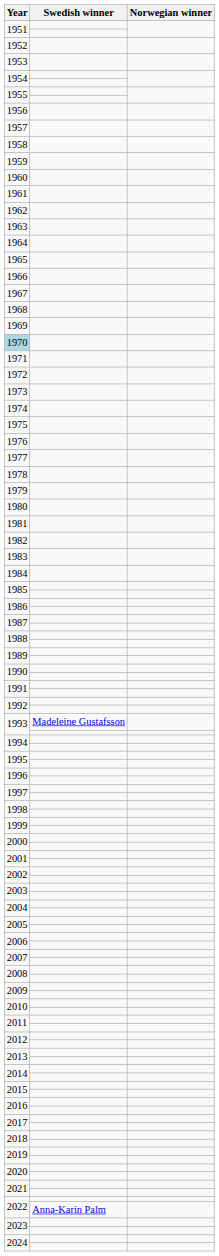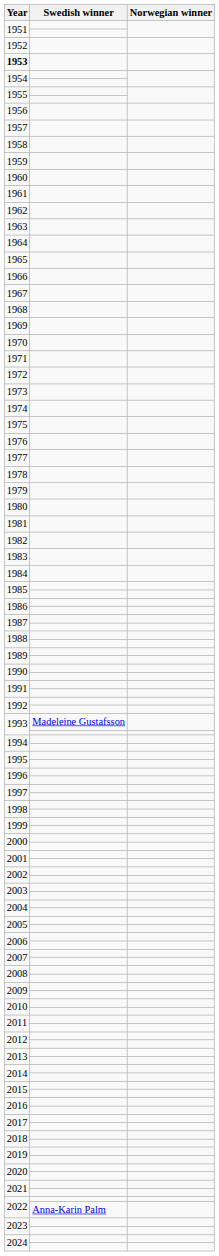 <table class="wikitable sortable">
 <tr>
 <th align="right">Year</th>
 <th align="left">Swedish winner</th>
 <th align="left">Norwegian winner</th>
 </tr>
 <tr>
 <td rowspan=2>1951</td>
 <td></td>
 <td rowspan=2></td>
 </tr>
 <tr>
 <td></td>
 </tr>
 <tr>
 <td>1952</td>
 <td></td>
 <td></td>
 </tr>
 <tr>
-<td>1953</td>
+<td><strong>1953</strong></td>
 <td></td>
 <td></td>
 </tr>
 <tr>
 <td rowspan=2>1954</td>
 <td></td>
 <td rowspan=2></td>
 </tr>
 <tr>
 <td></td>
 </tr>
 <tr>
 <td rowspan=2>1955</td>
 <td></td>
 <td rowspan=2></td>
 </tr>
 <tr>
 <td></td>
 </tr>
 <tr>
 <td>1956</td>
 <td></td>
 <td></td>
 </tr>
 <tr>
 <td>1957</td>
 <td></td>
 <td></td>
 </tr>
 <tr>
 <td>1958</td>
 <td></td>
 <td></td>
 </tr>
 <tr>
 <td>1959</td>
 <td></td>
 <td></td>
 </tr>
 <tr>
 <td>1960</td>
 <td></td>
 <td></td>
 </tr>
 <tr>
 <td>1961</td>
 <td></td>
 <td></td>
 </tr>
 <tr>
 <td>1962</td>
 <td></td>
 <td></td>
 </tr>
 <tr>
 <td>1963</td>
 <td></td>
 <td></td>
 </tr>
 <tr>
 <td>1964</td>
 <td></td>
 <td></td>
 </tr>
 <tr>
 <td>1965</td>
 <td></td>
 <td></td>
 </tr>
 <tr>
 <td>1966</td>
 <td></td>
 <td></td>
 </tr>
 <tr>
 <td>1967</td>
 <td></td>
 <td></td>
 </tr>
 <tr>
 <td>1968</td>
 <td></td>
 <td></td>
 </tr>
 <tr>
 <td>1969</td>
 <td></td>
 <td></td>
 </tr>
 <tr>
-<td style="background: lightblue;">1970</td>
+<td>1970</td>
 <td></td>
 <td></td>
 </tr>
 <tr>
 <td>1971</td>
 <td></td>
 <td></td>
 </tr>
 <tr>
 <td>1972</td>
 <td></td>
 <td></td>
 </tr>
 <tr>
 <td>1973</td>
 <td></td>
 <td></td>
 </tr>
 <tr>
 <td>1974</td>
 <td></td>
 <td></td>
 </tr>
 <tr>
 <td>1975</td>
 <td></td>
 <td></td>
 </tr>
 <tr>
 <td>1976</td>
 <td></td>
 <td></td>
 </tr>
 <tr>
 <td>1977</td>
 <td></td>
 <td></td>
 </tr>
 <tr>
 <td>1978</td>
 <td></td>
 <td></td>
 </tr>
 <tr>
 <td>1979</td>
 <td></td>
 <td></td>
 </tr>
 <tr>
 <td>1980</td>
 <td></td>
 <td></td>
 </tr>
 <tr>
 <td>1981</td>
 <td></td>
 <td></td>
 </tr>
 <tr>
 <td>1982</td>
 <td></td>
 <td></td>
 </tr>
 <tr>
 <td>1983</td>
 <td></td>
 <td></td>
 </tr>
 <tr>
 <td>1984</td>
 <td></td>
 <td></td>
 </tr>
 <tr>
 <td rowspan=2>1985</td>
 <td></td>
 <td></td>
 </tr>
 <tr>
 <td></td>
 <td></td>
 </tr>
 <tr>
 <td rowspan=2>1986</td>
 <td></td>
 <td></td>
 </tr>
 <tr>
 <td></td>
 <td></td>
 </tr>
 <tr>
 <td rowspan=2>1987</td>
 <td></td>
 <td></td>
 </tr>
 <tr>
 <td></td>
 <td></td>
 </tr>
 <tr>
 <td rowspan=2>1988</td>
 <td></td>
 <td></td>
 </tr>
 <tr>
 <td></td>
 <td></td>
 </tr>
 <tr>
 <td rowspan=2>1989</td>
 <td></td>
 <td></td>
 </tr>
 <tr>
 <td></td>
 <td></td>
 </tr>
 <tr>
 <td rowspan=2>1990</td>
 <td></td>
 <td></td>
 </tr>
 <tr>
 <td></td>
 <td></td>
 </tr>
 <tr>
 <td rowspan=2>1991</td>
 <td></td>
 <td></td>
 </tr>
 <tr>
 <td></td>
 <td></td>
 </tr>
 <tr>
 <td rowspan=2>1992</td>
 <td></td>
 <td></td>
 </tr>
 <tr>
 <td></td>
 <td></td>
 </tr>
 <tr>
 <td rowspan=2>1993</td>
 <td><a href='#'>Madeleine Gustafsson</a></td>
 <td></td>
 </tr>
 <tr>
 <td></td>
 <td></td>
 </tr>
 <tr>
 <td rowspan=2>1994</td>
 <td></td>
 <td></td>
 </tr>
 <tr>
 <td></td>
 <td></td>
 </tr>
 <tr>
 <td rowspan=2>1995</td>
 <td></td>
 <td></td>
 </tr>
 <tr>
 <td></td>
 <td></td>
 </tr>
 <tr>
 <td rowspan=2>1996</td>
 <td></td>
 <td></td>
 </tr>
 <tr>
 <td></td>
 <td></td>
 </tr>
 <tr>
 <td rowspan=2>1997</td>
 <td></td>
 <td></td>
 </tr>
 <tr>
 <td></td>
 <td></td>
 </tr>
 <tr>
 <td rowspan=2>1998</td>
 <td></td>
 <td></td>
 </tr>
 <tr>
 <td></td>
 <td></td>
 </tr>
 <tr>
 <td rowspan=2>1999</td>
 <td></td>
 <td></td>
 </tr>
 <tr>
 <td></td>
 <td></td>
 </tr>
 <tr>
 <td rowspan=2>2000</td>
 <td></td>
 <td></td>
 </tr>
 <tr>
 <td></td>
 <td></td>
 </tr>
 <tr>
 <td rowspan=2>2001</td>
 <td></td>
 <td></td>
 </tr>
 <tr>
 <td></td>
 <td></td>
 </tr>
 <tr>
 <td rowspan=2>2002</td>
 <td></td>
 <td></td>
 </tr>
 <tr>
 <td></td>
 <td></td>
 </tr>
 <tr>
 <td rowspan=2>2003</td>
 <td></td>
 <td></td>
 </tr>
 <tr>
 <td></td>
 <td></td>
 </tr>
 <tr>
 <td rowspan=2>2004</td>
 <td></td>
 <td></td>
 </tr>
 <tr>
 <td></td>
 <td></td>
 </tr>
 <tr>
 <td rowspan=2>2005</td>
 <td></td>
 <td></td>
 </tr>
 <tr>
 <td></td>
 <td></td>
 </tr>
 <tr>
 <td rowspan=2>2006</td>
 <td></td>
 <td></td>
 </tr>
 <tr>
 <td></td>
 <td></td>
 </tr>
 <tr>
 <td rowspan=2>2007</td>
 <td></td>
 <td></td>
 </tr>
 <tr>
 <td></td>
 <td></td>
 </tr>
 <tr>
 <td rowspan=2>2008</td>
 <td></td>
 <td></td>
 </tr>
 <tr>
 <td></td>
 <td></td>
 </tr>
 <tr>
 <td rowspan=2>2009</td>
 <td></td>
 <td></td>
 </tr>
 <tr>
 <td></td>
 <td></td>
 </tr>
 <tr>
 <td rowspan=2>2010</td>
 <td></td>
 <td></td>
 </tr>
 <tr>
 <td></td>
 <td></td>
 </tr>
 <tr>
 <td rowspan=2>2011</td>
 <td></td>
 <td></td>
 </tr>
 <tr>
 <td></td>
 <td></td>
 </tr>
 <tr>
 <td rowspan=2>2012</td>
 <td></td>
 <td></td>
 </tr>
 <tr>
 <td></td>
 <td></td>
 </tr>
 <tr>
 <td rowspan=2>2013</td>
 <td></td>
 <td></td>
 </tr>
 <tr>
 <td></td>
 <td></td>
 </tr>
 <tr>
 <td rowspan=2>2014</td>
 <td></td>
 <td></td>
 </tr>
 <tr>
 <td></td>
 <td></td>
 </tr>
 <tr>
 <td rowspan=2>2015</td>
 <td></td>
 <td></td>
 </tr>
 <tr>
 <td></td>
 <td></td>
 </tr>
 <tr>
 <td rowspan=2>2016</td>
 <td></td>
 <td></td>
 </tr>
 <tr>
 <td></td>
 <td></td>
 </tr>
 <tr>
 <td rowspan=2>2017</td>
 <td></td>
 <td></td>
 </tr>
 <tr>
 <td></td>
 <td></td>
 </tr>
 <tr>
 <td rowspan=2>2018</td>
 <td></td>
 <td></td>
 </tr>
 <tr>
 <td></td>
 <td></td>
 </tr>
 <tr>
 <td rowspan=2>2019</td>
 <td></td>
 <td></td>
 </tr>
 <tr>
 <td></td>
 <td></td>
 </tr>
 <tr>
 <td rowspan=2>2020</td>
 <td></td>
 <td></td>
 </tr>
 <tr>
 <td></td>
 <td></td>
 </tr>
 <tr>
 <td rowspan="2">2021</td>
 <td></td>
 <td><a href='#'></a></td>
 </tr>
 <tr>
 <td></td>
 <td></td>
 </tr>
 <tr>
 <td rowspan="2">2022</td>
 <td></td>
 <td></td>
 </tr>
 <tr>
 <td><a href='#'>Anna-Karin Palm</a></td>
 <td></td>
 </tr>
 <tr>
 <td rowspan=2>2023</td>
 <td></td>
 <td></td>
 </tr>
 <tr>
 <td></td>
 <td></td>
 </tr>
 <tr>
 <td rowspan=2>2024</td>
 <td></td>
 <td></td>
 </tr>
 <tr>
 <td></td>
 <td></td>
 </tr>
 </table>
